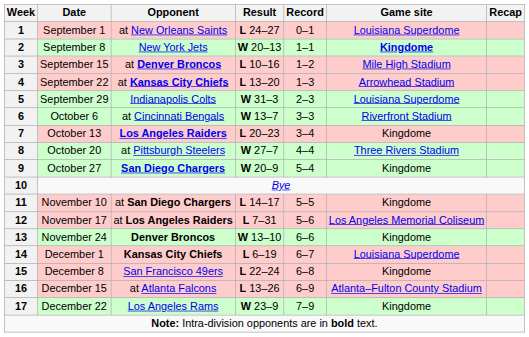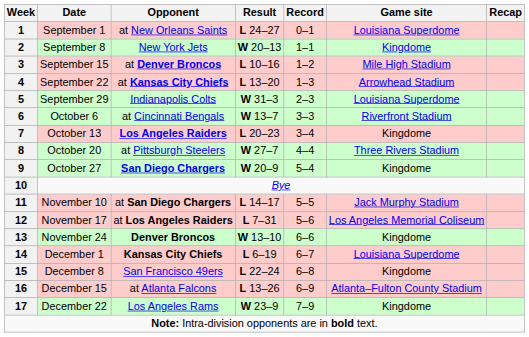 <table class="wikitable" style="text-align:center">
 <tr>
 <th>Week</th>
 <th>Date</th>
 <th>Opponent</th>
 <th>Result</th>
 <th>Record</th>
 <th>Game site</th>
 <th>Recap</th>
 </tr>
 <tr style="background:#fcc">
 <th>1</th>
 <td>September 1</td>
 <td>at <a href='#'>New Orleans Saints</a></td>
 <td><strong>L</strong> 24–27</td>
 <td>0–1</td>
 <td><a href='#'>Louisiana Superdome</a></td>
 <td></td>
 </tr>
 <tr style="background:#cfc">
 <th>2</th>
 <td>September 8</td>
 <td><a href='#'>New York Jets</a></td>
 <td><strong>W</strong> 20–13</td>
 <td>1–1</td>
-<td><strong><a href='#'>Kingdome</a></strong></td>
+<td><a href='#'>Kingdome</a></td>
 <td></td>
 </tr>
 <tr style="background:#fcc">
 <th>3</th>
 <td>September 15</td>
 <td>at <strong><a href='#'>Denver Broncos</a></strong></td>
 <td><strong>L</strong> 10–16</td>
 <td>1–2</td>
 <td><a href='#'>Mile High Stadium</a></td>
 <td></td>
 </tr>
 <tr style="background:#fcc">
 <th>4</th>
 <td>September 22</td>
 <td>at <strong><a href='#'>Kansas City Chiefs</a></strong></td>
 <td><strong>L</strong> 13–20</td>
 <td>1–3</td>
 <td><a href='#'>Arrowhead Stadium</a></td>
 <td></td>
 </tr>
 <tr style="background:#cfc">
 <th>5</th>
 <td>September 29</td>
 <td><a href='#'>Indianapolis Colts</a></td>
 <td><strong>W</strong> 31–3</td>
 <td>2–3</td>
 <td><a href='#'>Louisiana Superdome</a></td>
 <td></td>
 </tr>
 <tr style="background:#cfc">
 <th>6</th>
 <td>October 6</td>
 <td>at <a href='#'>Cincinnati Bengals</a></td>
 <td><strong>W</strong> 13–7</td>
 <td>3–3</td>
 <td><a href='#'>Riverfront Stadium</a></td>
 <td></td>
 </tr>
 <tr style="background:#fcc">
 <th>7</th>
 <td>October 13</td>
 <td><strong><a href='#'>Los Angeles Raiders</a></strong></td>
 <td><strong>L</strong> 20–23 </td>
 <td>3–4</td>
 <td>Kingdome</td>
 <td></td>
 </tr>
 <tr style="background:#cfc">
 <th>8</th>
 <td>October 20</td>
 <td>at <a href='#'>Pittsburgh Steelers</a></td>
 <td><strong>W</strong> 27–7</td>
 <td>4–4</td>
 <td><a href='#'>Three Rivers Stadium</a></td>
 <td></td>
 </tr>
 <tr style="background:#cfc">
 <th>9</th>
 <td>October 27</td>
 <td><strong><a href='#'>San Diego Chargers</a></strong></td>
 <td><strong>W</strong> 20–9</td>
 <td>5–4</td>
 <td>Kingdome</td>
 <td></td>
 </tr>
 <tr>
 <th>10</th>
 <td colspan="6"><em><a href='#'>Bye</a></em></td>
 </tr>
 <tr style="background:#fcc">
 <th>11</th>
 <td>November 10</td>
 <td>at <strong>San Diego Chargers</strong></td>
 <td><strong>L</strong> 14–17</td>
 <td>5–5</td>
-<td>Kingdome</td>
+<td><a href='#'>Jack Murphy Stadium</a></td>
 <td></td>
 </tr>
 <tr style="background:#fcc">
 <th>12</th>
 <td>November 17</td>
 <td>at <strong>Los Angeles Raiders</strong></td>
 <td><strong>L</strong> 7–31</td>
 <td>5–6</td>
 <td><a href='#'>Los Angeles Memorial Coliseum</a></td>
 <td></td>
 </tr>
 <tr style="background:#cfc">
 <th>13</th>
 <td>November 24</td>
 <td><strong>Denver Broncos</strong></td>
 <td><strong>W</strong> 13–10</td>
 <td>6–6</td>
 <td>Kingdome</td>
 <td></td>
 </tr>
 <tr style="background:#fcc">
 <th>14</th>
 <td>December 1</td>
 <td><strong>Kansas City Chiefs</strong></td>
 <td><strong>L</strong> 6–19</td>
 <td>6–7</td>
 <td><a href='#'>Louisiana Superdome</a></td>
 <td></td>
 </tr>
 <tr style="background:#fcc">
 <th>15</th>
 <td>December 8</td>
 <td><a href='#'>San Francisco 49ers</a></td>
 <td><strong>L</strong> 22–24</td>
 <td>6–8</td>
 <td>Kingdome</td>
 <td></td>
 </tr>
 <tr style="background:#fcc">
 <th>16</th>
 <td>December 15</td>
 <td>at <a href='#'>Atlanta Falcons</a></td>
 <td><strong>L</strong> 13–26</td>
 <td>6–9</td>
 <td><a href='#'>Atlanta–Fulton County Stadium</a></td>
 <td></td>
 </tr>
 <tr style="background:#cfc">
 <th>17</th>
 <td>December 22</td>
 <td><a href='#'>Los Angeles Rams</a></td>
 <td><strong>W</strong> 23–9</td>
 <td>7–9</td>
 <td>Kingdome</td>
 <td></td>
 </tr>
 <tr>
 <td colspan="8"><strong>Note:</strong> Intra-division opponents are in <strong>bold</strong> text.</td>
 </tr>
 </table>
